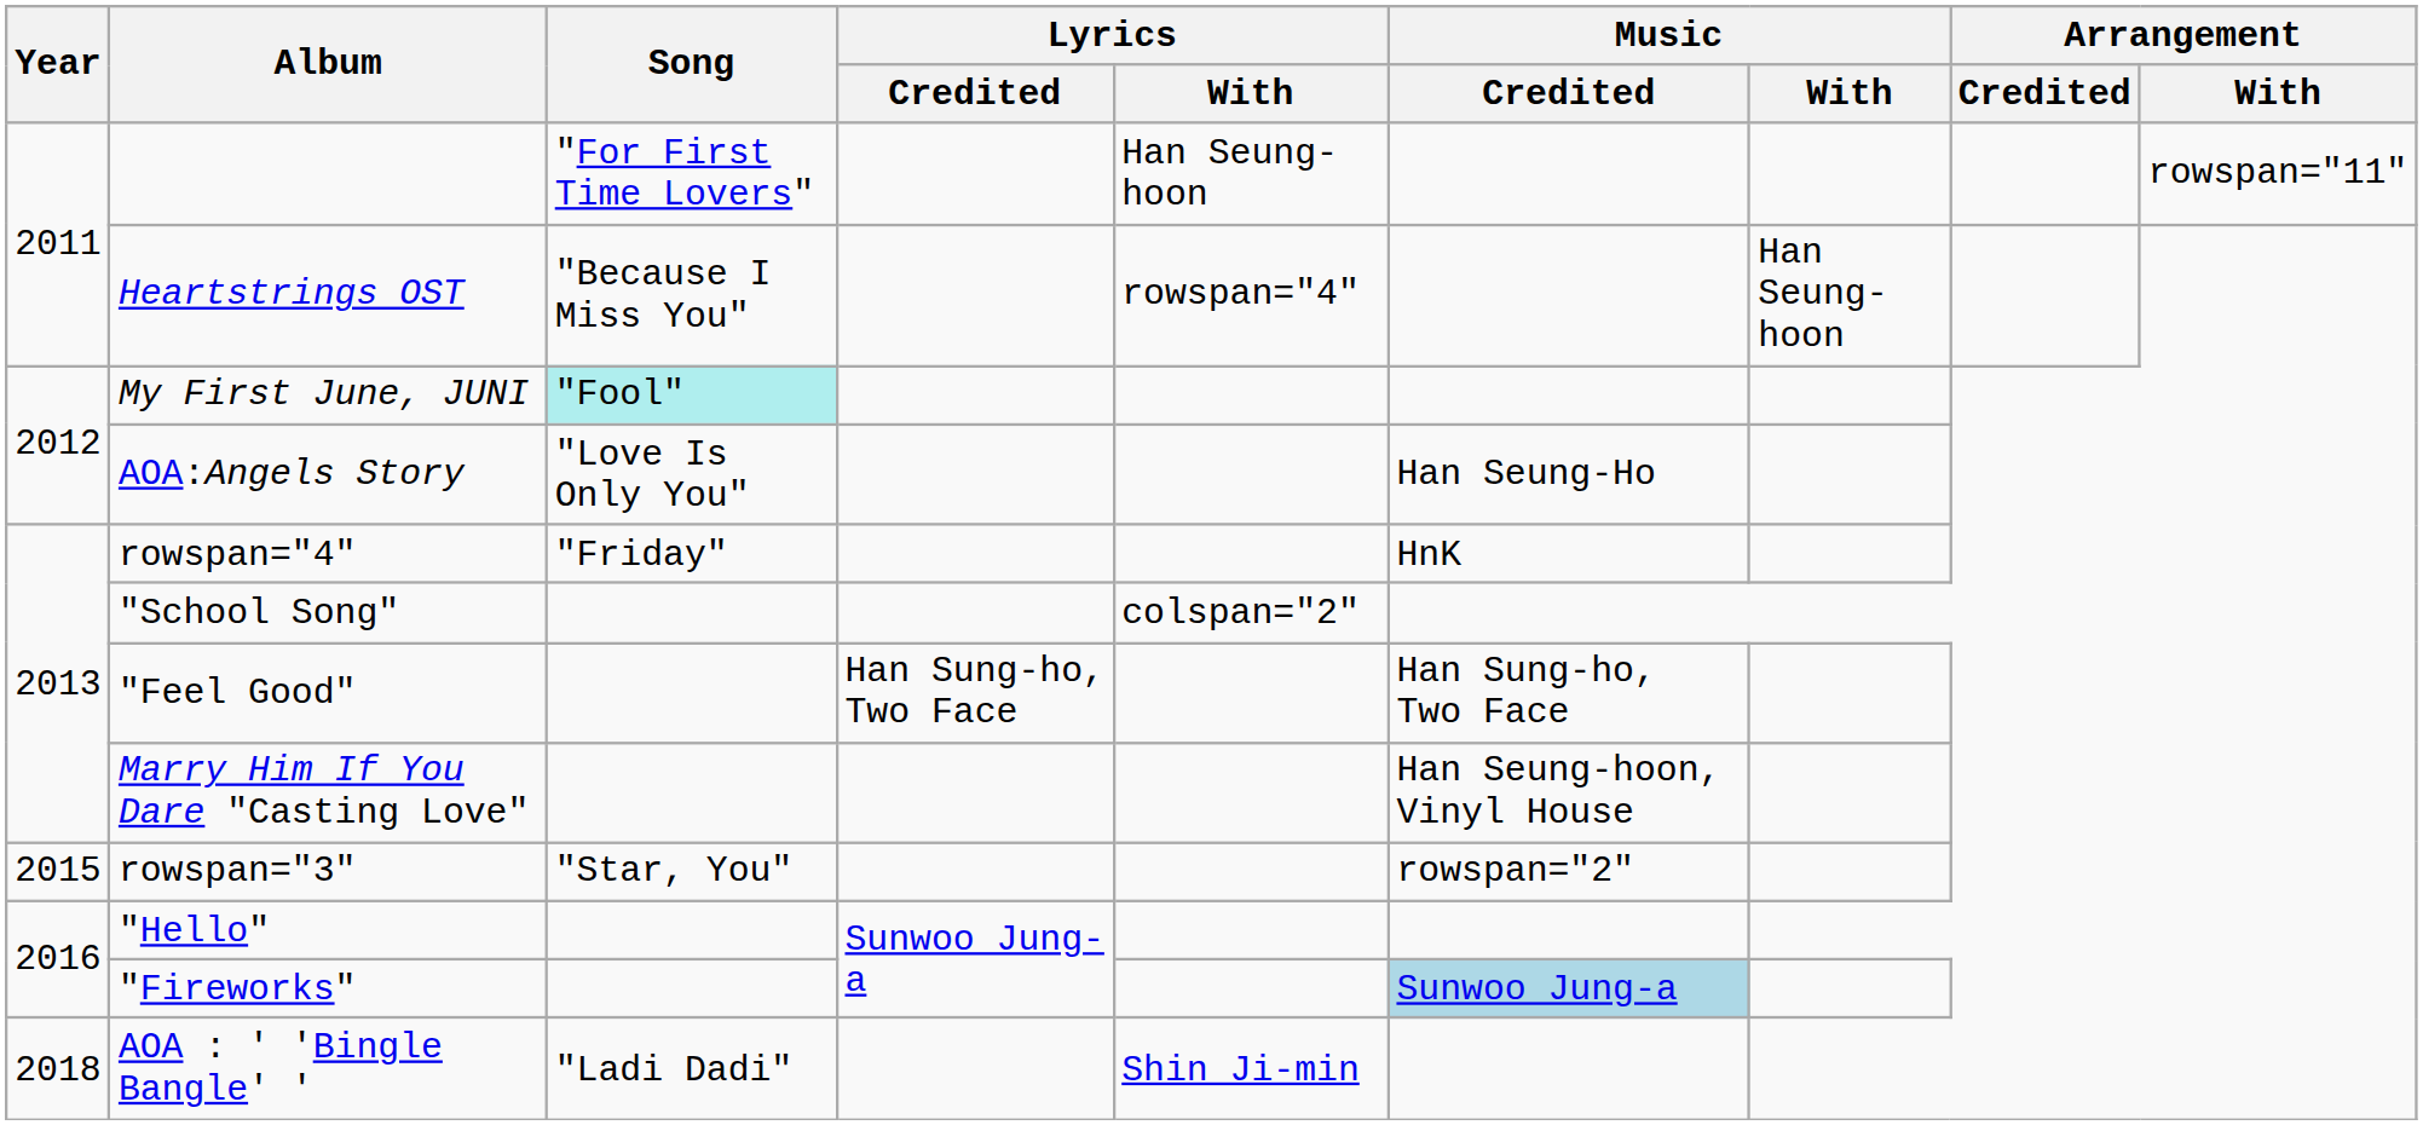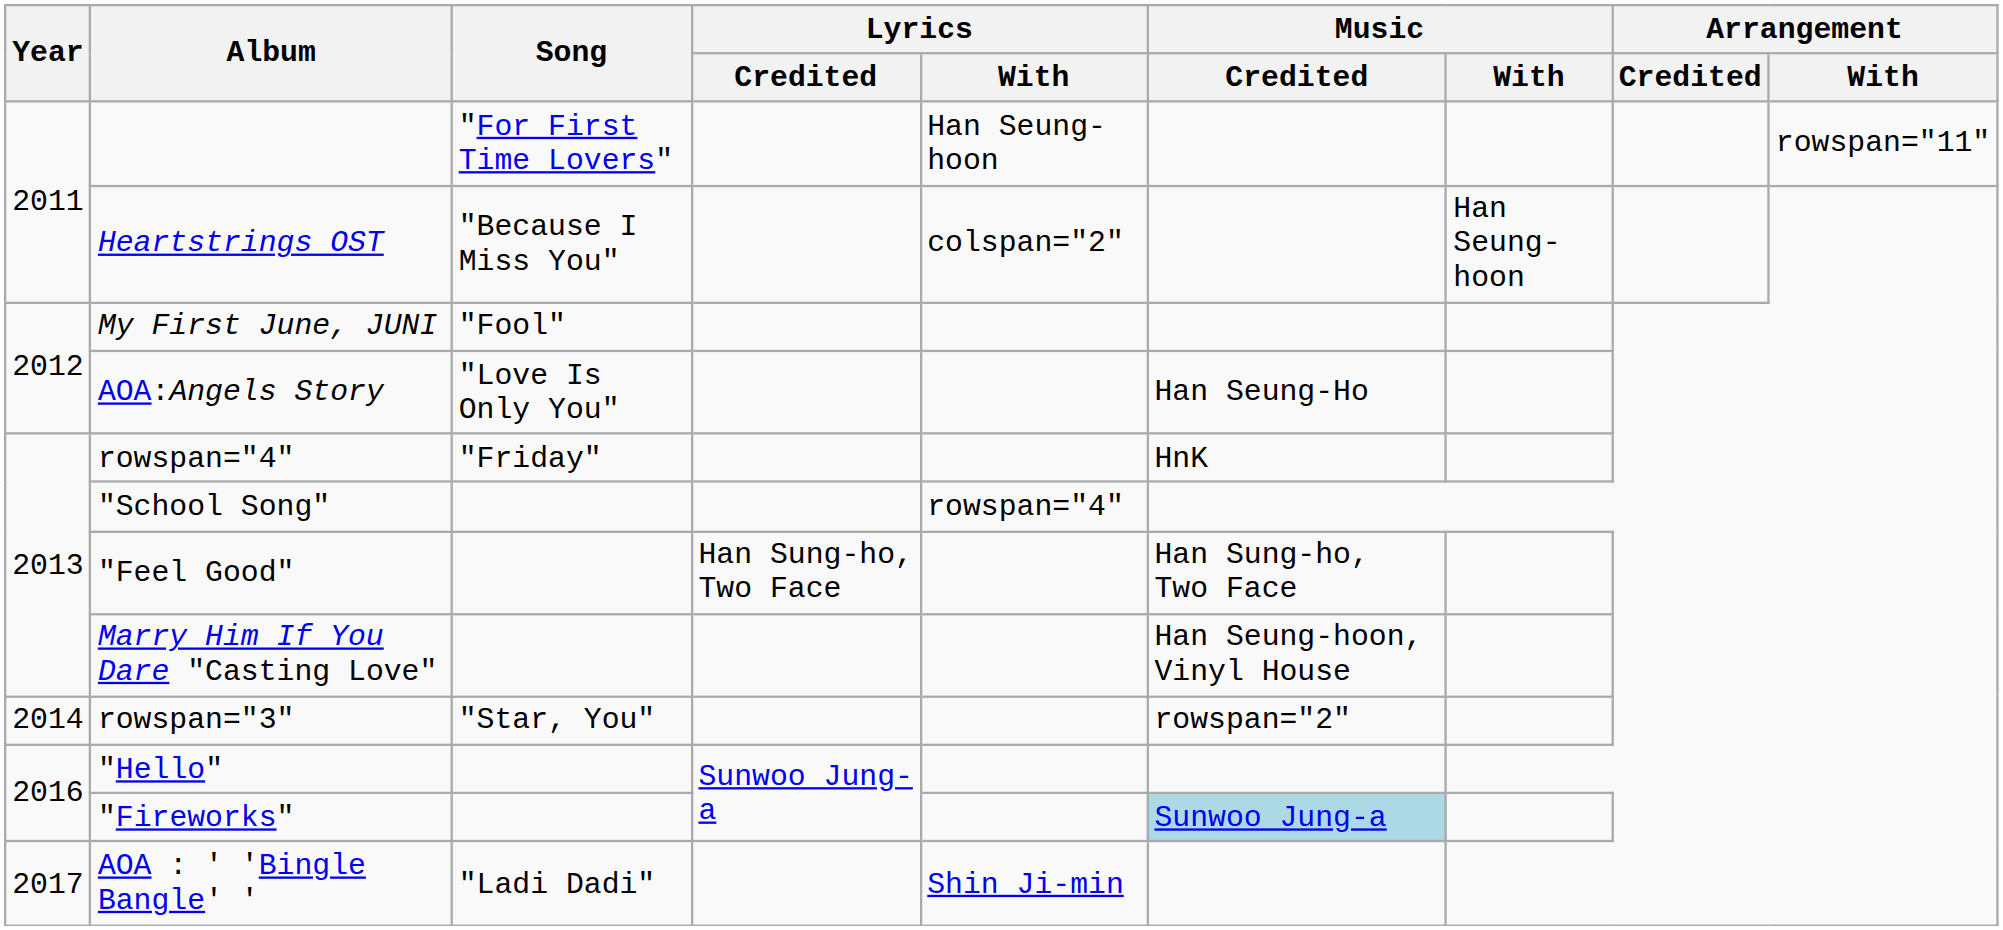 <table class="wikitable">
 <tr>
 <th rowspan="2">Year</th>
 <th rowspan="2">Album</th>
 <th rowspan="2">Song</th>
 <th colspan="2">Lyrics</th>
 <th colspan="2">Music</th>
 <th colspan="2">Arrangement</th>
 </tr>
 <tr>
 <th>Credited</th>
 <th>With</th>
 <th>Credited</th>
 <th>With</th>
 <th>Credited</th>
 <th>With</th>
 </tr>
 <tr>
 <td rowspan="2">2011</td>
 <td></td>
 <td>"<a href='#'>For First Time Lovers</a>"</td>
 <td></td>
 <td>Han Seung-hoon</td>
 <td></td>
 <td></td>
 <td></td>
 <td>rowspan="11" </td>
 </tr>
 <tr>
 <td><a href='#'><em>Heartstrings OST</em></a></td>
 <td>"Because I Miss You"</td>
 <td></td>
-<td>rowspan="4" </td>
+<td>colspan="2" </td>
 <td></td>
 <td>Han Seung-hoon</td>
 <td></td>
 </tr>
 <tr>
 <td rowspan="2">2012</td>
 <td><em>My First June, JUNI</em></td>
-<td style="background: paleturquoise;">"Fool"</td>
+<td>"Fool"</td>
 <td></td>
 <td></td>
 <td></td>
 <td></td>
 </tr>
 <tr>
 <td><a href='#'>AOA</a>:<em>Angels Story</em></td>
 <td>"Love Is Only You"</td>
 <td></td>
 <td></td>
 <td>Han Seung-Ho</td>
 <td></td>
 </tr>
 <tr>
 <td rowspan="4">2013</td>
 <td>rowspan="4" </td>
 <td>"Friday"</td>
 <td></td>
 <td></td>
 <td>HnK</td>
 <td></td>
 </tr>
 <tr>
 <td>"School Song"</td>
 <td></td>
 <td></td>
-<td>colspan="2" </td>
+<td>rowspan="4" </td>
 </tr>
 <tr>
 <td>"Feel Good"</td>
 <td></td>
 <td>Han Sung-ho, Two Face</td>
 <td></td>
 <td>Han Sung-ho, Two Face</td>
 <td></td>
 </tr>
 <tr>
 <td><a href='#'><em>Marry Him If You Dare</em></a> "Casting Love"</td>
 <td></td>
 <td></td>
 <td></td>
 <td>Han Seung-hoon, Vinyl House</td>
 <td></td>
 </tr>
 <tr>
-<td>2015</td>
+<td>2014</td>
 <td>rowspan="3" </td>
 <td>"Star, You"</td>
 <td></td>
 <td></td>
 <td>rowspan="2" </td>
 <td></td>
 </tr>
 <tr>
 <td rowspan="2">2016</td>
 <td>"<a href='#'>Hello</a>"</td>
 <td></td>
 <td rowspan="2"><a href='#'>Sunwoo Jung-a</a></td>
 <td></td>
 <td></td>
 </tr>
 <tr>
 <td>"<a href='#'>Fireworks</a>"</td>
 <td></td>
 <td></td>
 <td style="background: lightblue;"><a href='#'>Sunwoo Jung-a</a></td>
 <td></td>
 </tr>
 <tr>
-<td rowspan="1">2018</td>
+<td rowspan="1">2017</td>
 <td><a href='#'>AOA</a> : ' '<a href='#'>Bingle Bangle</a>' '</td>
 <td>"Ladi Dadi"</td>
 <td></td>
 <td><a href='#'>Shin Ji-min</a></td>
 <td></td>
 </tr>
 </table>
